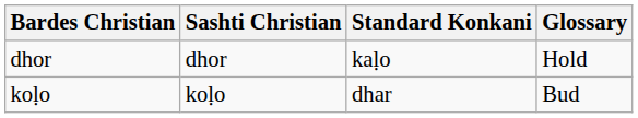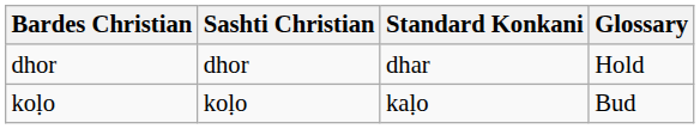 <table class="wikitable">
 <tr>
 <th>Bardes Christian</th>
 <th>Sashti Christian</th>
 <th>Standard Konkani</th>
 <th>Glossary</th>
 </tr>
 <tr>
 <td>dhor</td>
 <td>dhor</td>
-<td>kaḷo</td>
+<td>dhar</td>
 <td>Hold</td>
 </tr>
 <tr>
 <td>koḷo</td>
 <td>koḷo</td>
-<td>dhar</td>
+<td>kaḷo</td>
 <td>Bud</td>
 </tr>
 </table>
